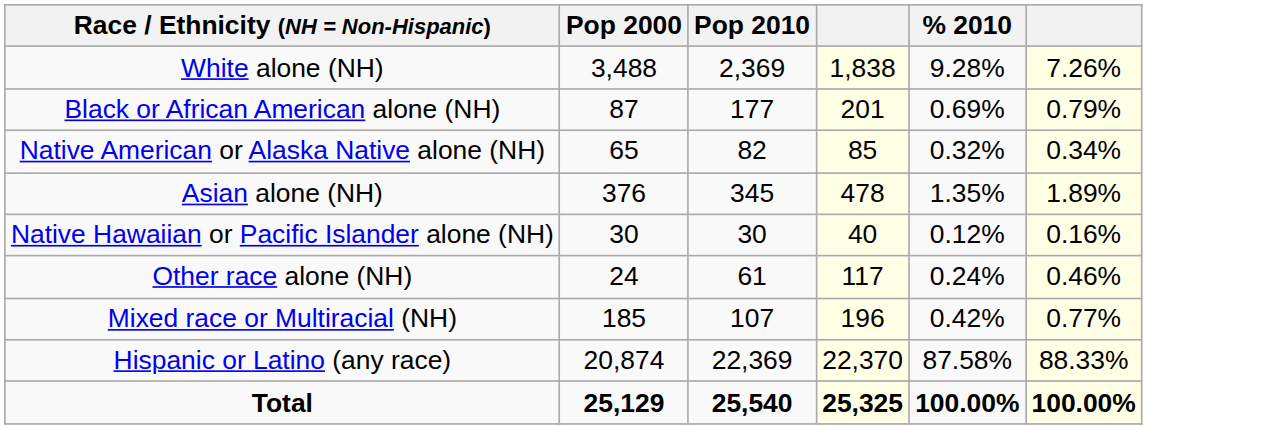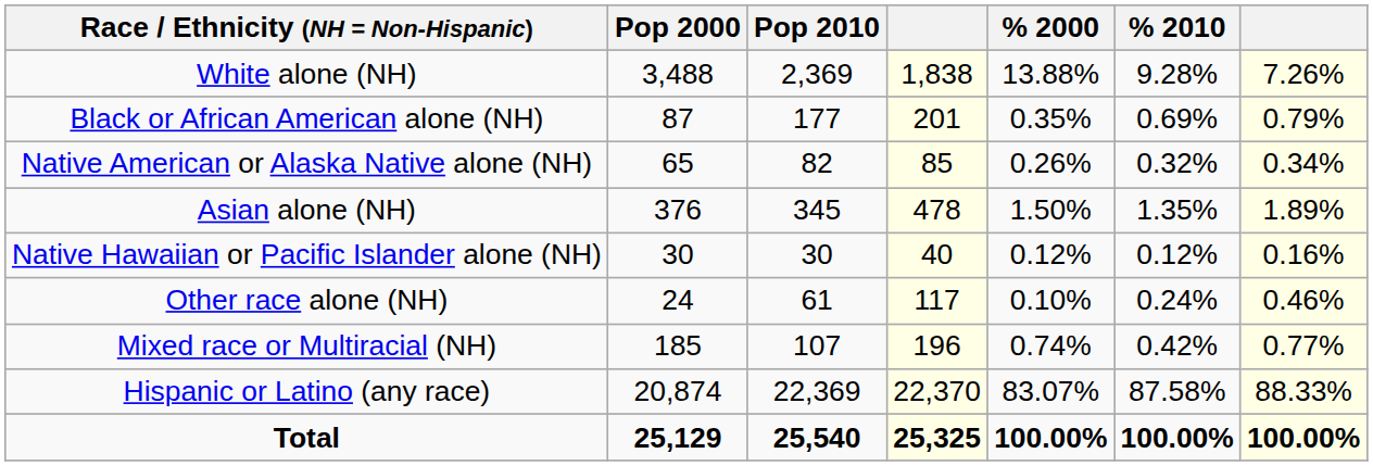 <table class="wikitable" style="text-align:center;">
 <tr>
 <th>Race / Ethnicity <small>(<em>NH = Non-Hispanic</em>)</small></th>
 <th>Pop 2000</th>
 <th>Pop 2010</th>
 <th></th>
+<th>% 2000</th>
 <th>% 2010</th>
 <th></th>
 </tr>
 <tr>
 <td><a href='#'>White</a> alone (NH)</td>
 <td>3,488</td>
 <td>2,369</td>
 <td style='background: #ffffe6;'>1,838</td>
+<td>13.88%</td>
 <td>9.28%</td>
 <td style='background: #ffffe6;'>7.26%</td>
 </tr>
 <tr>
 <td><a href='#'>Black or African American</a> alone (NH)</td>
 <td>87</td>
 <td>177</td>
 <td style='background: #ffffe6;'>201</td>
+<td>0.35%</td>
 <td>0.69%</td>
 <td style='background: #ffffe6;'>0.79%</td>
 </tr>
 <tr>
 <td><a href='#'>Native American</a> or <a href='#'>Alaska Native</a> alone (NH)</td>
 <td>65</td>
 <td>82</td>
 <td style='background: #ffffe6;'>85</td>
+<td>0.26%</td>
 <td>0.32%</td>
 <td style='background: #ffffe6;'>0.34%</td>
 </tr>
 <tr>
 <td><a href='#'>Asian</a> alone (NH)</td>
 <td>376</td>
 <td>345</td>
 <td style='background: #ffffe6;'>478</td>
+<td>1.50%</td>
 <td>1.35%</td>
 <td style='background: #ffffe6;'>1.89%</td>
 </tr>
 <tr>
 <td><a href='#'>Native Hawaiian</a> or <a href='#'>Pacific Islander</a> alone (NH)</td>
 <td>30</td>
 <td>30</td>
 <td style='background: #ffffe6;'>40</td>
 <td>0.12%</td>
+<td>0.12%</td>
 <td style='background: #ffffe6;'>0.16%</td>
 </tr>
 <tr>
 <td><a href='#'>Other race</a> alone (NH)</td>
 <td>24</td>
 <td>61</td>
 <td style='background: #ffffe6;'>117</td>
+<td>0.10%</td>
 <td>0.24%</td>
 <td style='background: #ffffe6;'>0.46%</td>
 </tr>
 <tr>
 <td><a href='#'>Mixed race or Multiracial</a> (NH)</td>
 <td>185</td>
 <td>107</td>
 <td style='background: #ffffe6;'>196</td>
+<td>0.74%</td>
 <td>0.42%</td>
 <td style='background: #ffffe6;'>0.77%</td>
 </tr>
 <tr>
 <td><a href='#'>Hispanic or Latino</a> (any race)</td>
 <td>20,874</td>
 <td>22,369</td>
 <td style='background: #ffffe6;'>22,370</td>
+<td>83.07%</td>
 <td>87.58%</td>
 <td style='background: #ffffe6;'>88.33%</td>
 </tr>
 <tr>
 <td><strong>Total</strong></td>
 <td><strong>25,129</strong></td>
 <td><strong>25,540</strong></td>
 <td style='background: #ffffe6;'><strong>25,325</strong></td>
 <td><strong>100.00%</strong></td>
+<td><strong>100.00%</strong></td>
 <td style='background: #ffffe6;'><strong>100.00%</strong></td>
 </tr>
 </table>
